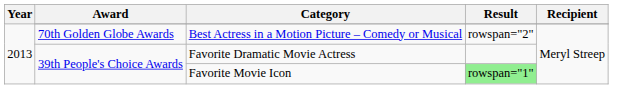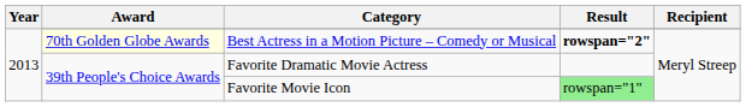 <table class="wikitable">
 <tr>
 <th>Year</th>
 <th>Award</th>
 <th>Category</th>
 <th>Result</th>
 <th>Recipient</th>
 </tr>
 <tr>
 <td rowspan="4">2013</td>
 </tr>
 <tr>
-<td><a href='#'>70th Golden Globe Awards</a></td>
+<td style="background: lightyellow;"><a href='#'>70th Golden Globe Awards</a></td>
 <td><a href='#'>Best Actress in a Motion Picture – Comedy or Musical</a></td>
-<td>rowspan="2" </td>
+<td><strong>rowspan="2" </strong></td>
 <td rowspan="3">Meryl Streep</td>
 </tr>
 <tr>
 <td rowspan="2"><a href='#'>39th People's Choice Awards</a></td>
 <td>Favorite Dramatic Movie Actress</td>
 </tr>
 <tr>
 <td>Favorite Movie Icon</td>
 <td style="background: lightgreen;">rowspan="1" </td>
 </tr>
 </table>
